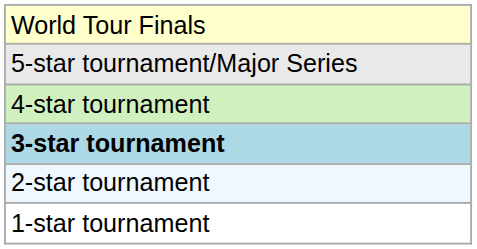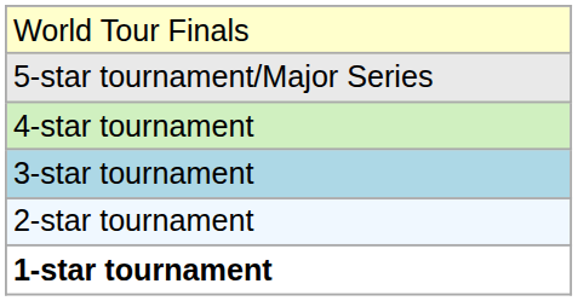 <table class=wikitable style=font-size:85%;width:20%>
 <tr bgcolor=#ffffcc>
 <td>World Tour Finals</td>
 </tr>
 <tr bgcolor=#E9E9E9>
 <td>5-star tournament/Major Series</td>
 </tr>
 <tr bgcolor=#d0f0c0>
 <td>4-star tournament</td>
 </tr>
 <tr bgcolor=lightblue>
-<td><strong>3-star tournament</strong></td>
+<td>3-star tournament</td>
 </tr>
 <tr bgcolor=#f0f8ff>
 <td>2-star tournament</td>
 </tr>
 <tr bgcolor=#ffffff>
-<td>1-star tournament</td>
+<td><strong>1-star tournament</strong></td>
 </tr>
 </table>
